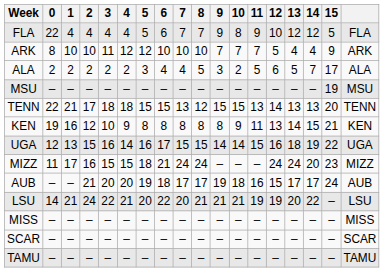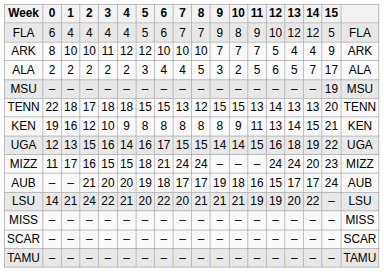 <table class="wikitable sortable" style="text-align:center">
 <tr>
 <th>Week</th>
 <th>0</th>
 <th>1</th>
 <th>2</th>
 <th>3</th>
 <th>4</th>
 <th>5</th>
 <th>6</th>
 <th>7</th>
 <th>8</th>
 <th>9</th>
 <th>10</th>
 <th>11</th>
 <th>12</th>
 <th>13</th>
 <th>14</th>
 <th>15</th>
 <th class=unsortable></th>
 </tr>
 <tr style="background-color:#E8E8E8">
 <td>FLA</td>
-<td>22</td>
+<td>6</td>
 <td>4</td>
 <td>4</td>
 <td>4</td>
 <td>4</td>
 <td>5</td>
 <td>6</td>
 <td>7</td>
 <td>7</td>
 <td>9</td>
 <td>8</td>
 <td>9</td>
 <td>10</td>
 <td>12</td>
 <td>12</td>
 <td>5</td>
 <td>FLA</td>
 </tr>
 <tr>
 <td>ARK</td>
 <td>8</td>
 <td>10</td>
 <td>10</td>
 <td>11</td>
 <td>12</td>
 <td>12</td>
 <td>10</td>
 <td>10</td>
 <td>10</td>
 <td>7</td>
 <td>7</td>
 <td>7</td>
 <td>5</td>
 <td>4</td>
 <td>4</td>
 <td>9</td>
 <td>ARK</td>
 </tr>
 <tr>
 <td>ALA</td>
 <td>2</td>
 <td>2</td>
 <td>2</td>
 <td>2</td>
 <td>2</td>
 <td>3</td>
 <td>4</td>
 <td>4</td>
 <td>5</td>
 <td>3</td>
 <td>2</td>
 <td>5</td>
 <td>6</td>
 <td>5</td>
 <td>7</td>
 <td>17</td>
 <td>ALA</td>
 </tr>
 <tr style="background-color:#E8E8E8">
 <td>MSU</td>
 <td data-sort-value=26>–</td>
 <td data-sort-value=26>–</td>
 <td data-sort-value=26>–</td>
 <td data-sort-value=26>–</td>
 <td data-sort-value=26>–</td>
 <td data-sort-value=26>–</td>
 <td data-sort-value=26>–</td>
 <td data-sort-value=26>–</td>
 <td data-sort-value=26>–</td>
 <td data-sort-value=26>–</td>
 <td data-sort-value=26>–</td>
 <td data-sort-value=26>–</td>
 <td data-sort-value=26>–</td>
 <td data-sort-value=26>–</td>
 <td data-sort-value=26>–</td>
 <td>19</td>
 <td>MSU</td>
 </tr>
 <tr>
 <td>TENN</td>
 <td>22</td>
-<td>21</td>
+<td>18</td>
 <td>17</td>
 <td>18</td>
 <td>18</td>
 <td>15</td>
 <td>15</td>
 <td>13</td>
 <td>12</td>
 <td>15</td>
 <td>15</td>
 <td>13</td>
 <td>14</td>
 <td>13</td>
 <td>13</td>
 <td>20</td>
 <td>TENN</td>
 </tr>
 <tr>
 <td>KEN</td>
 <td>19</td>
 <td>16</td>
 <td>12</td>
 <td>10</td>
 <td>9</td>
 <td>8</td>
 <td>8</td>
 <td>8</td>
 <td>8</td>
 <td>8</td>
 <td>9</td>
 <td>11</td>
 <td>13</td>
 <td>14</td>
 <td>15</td>
 <td>21</td>
 <td>KEN</td>
 </tr>
 <tr style="background-color:#E8E8E8">
 <td data-sort-value=G>UGA</td>
 <td>12</td>
 <td>13</td>
 <td>15</td>
 <td>16</td>
 <td>14</td>
 <td>16</td>
 <td>17</td>
 <td>15</td>
 <td>15</td>
 <td>14</td>
 <td>14</td>
 <td>15</td>
 <td>16</td>
 <td>18</td>
 <td>19</td>
 <td>22</td>
 <td>UGA</td>
 </tr>
 <tr>
 <td data-sort-value=MO>MIZZ</td>
 <td>11</td>
 <td>17</td>
 <td>16</td>
 <td>15</td>
 <td>15</td>
 <td>18</td>
 <td>21</td>
 <td>24</td>
 <td>24</td>
 <td data-sort-value=27>–</td>
 <td data-sort-value=27>–</td>
 <td data-sort-value=27>–</td>
 <td>24</td>
 <td>24</td>
 <td>20</td>
 <td>23</td>
 <td>MIZZ</td>
 </tr>
 <tr>
 <td>AUB</td>
 <td data-sort-value=27>–</td>
 <td data-sort-value=28>–</td>
 <td>21</td>
 <td>20</td>
 <td>20</td>
 <td>19</td>
 <td>18</td>
 <td>17</td>
 <td>17</td>
 <td>19</td>
 <td>18</td>
 <td>16</td>
 <td>15</td>
 <td>17</td>
 <td>17</td>
 <td>24</td>
 <td>AUB</td>
 </tr>
 <tr style="background-color:#E8E8E8">
 <td>LSU</td>
 <td>14</td>
 <td>21</td>
 <td>24</td>
 <td>22</td>
 <td>21</td>
 <td>20</td>
 <td>22</td>
 <td>20</td>
 <td>21</td>
 <td>21</td>
 <td>21</td>
 <td>19</td>
 <td>19</td>
 <td>20</td>
 <td>22</td>
 <td data-sort-value=28>–</td>
 <td>LSU</td>
 </tr>
 <tr>
 <td data-sort-value=O>MISS</td>
 <td data-sort-value=29>–</td>
 <td data-sort-value=29>–</td>
 <td data-sort-value=29>–</td>
 <td data-sort-value=29>–</td>
 <td data-sort-value=29>–</td>
 <td data-sort-value=29>–</td>
 <td data-sort-value=29>–</td>
 <td data-sort-value=29>–</td>
 <td data-sort-value=29>–</td>
 <td data-sort-value=29>–</td>
 <td data-sort-value=29>–</td>
 <td data-sort-value=29>–</td>
 <td data-sort-value=29>–</td>
 <td data-sort-value=29>–</td>
 <td data-sort-value=29>–</td>
 <td data-sort-value=29>–</td>
 <td>MISS</td>
 </tr>
 <tr>
 <td>SCAR</td>
 <td data-sort-value=29>–</td>
 <td data-sort-value=29>–</td>
 <td data-sort-value=29>–</td>
 <td data-sort-value=29>–</td>
 <td data-sort-value=29>–</td>
 <td data-sort-value=29>–</td>
 <td data-sort-value=29>–</td>
 <td data-sort-value=29>–</td>
 <td data-sort-value=29>–</td>
 <td data-sort-value=29>–</td>
 <td data-sort-value=29>–</td>
 <td data-sort-value=29>–</td>
 <td data-sort-value=29>–</td>
 <td data-sort-value=29>–</td>
 <td data-sort-value=29>–</td>
 <td data-sort-value=29>–</td>
 <td>SCAR</td>
 </tr>
 <tr style="background-color:#E8E8E8">
 <td data-sort-value=TEX>TAMU</td>
 <td data-sort-value=29>–</td>
 <td data-sort-value=29>–</td>
 <td data-sort-value=29>–</td>
 <td data-sort-value=29>–</td>
 <td data-sort-value=29>–</td>
 <td data-sort-value=29>–</td>
 <td data-sort-value=29>–</td>
 <td data-sort-value=29>–</td>
 <td data-sort-value=29>–</td>
 <td data-sort-value=29>–</td>
 <td data-sort-value=29>–</td>
 <td data-sort-value=29>–</td>
 <td data-sort-value=29>–</td>
 <td data-sort-value=29>–</td>
 <td data-sort-value=29>–</td>
 <td data-sort-value=29>–</td>
 <td>TAMU</td>
 </tr>
 </table>
